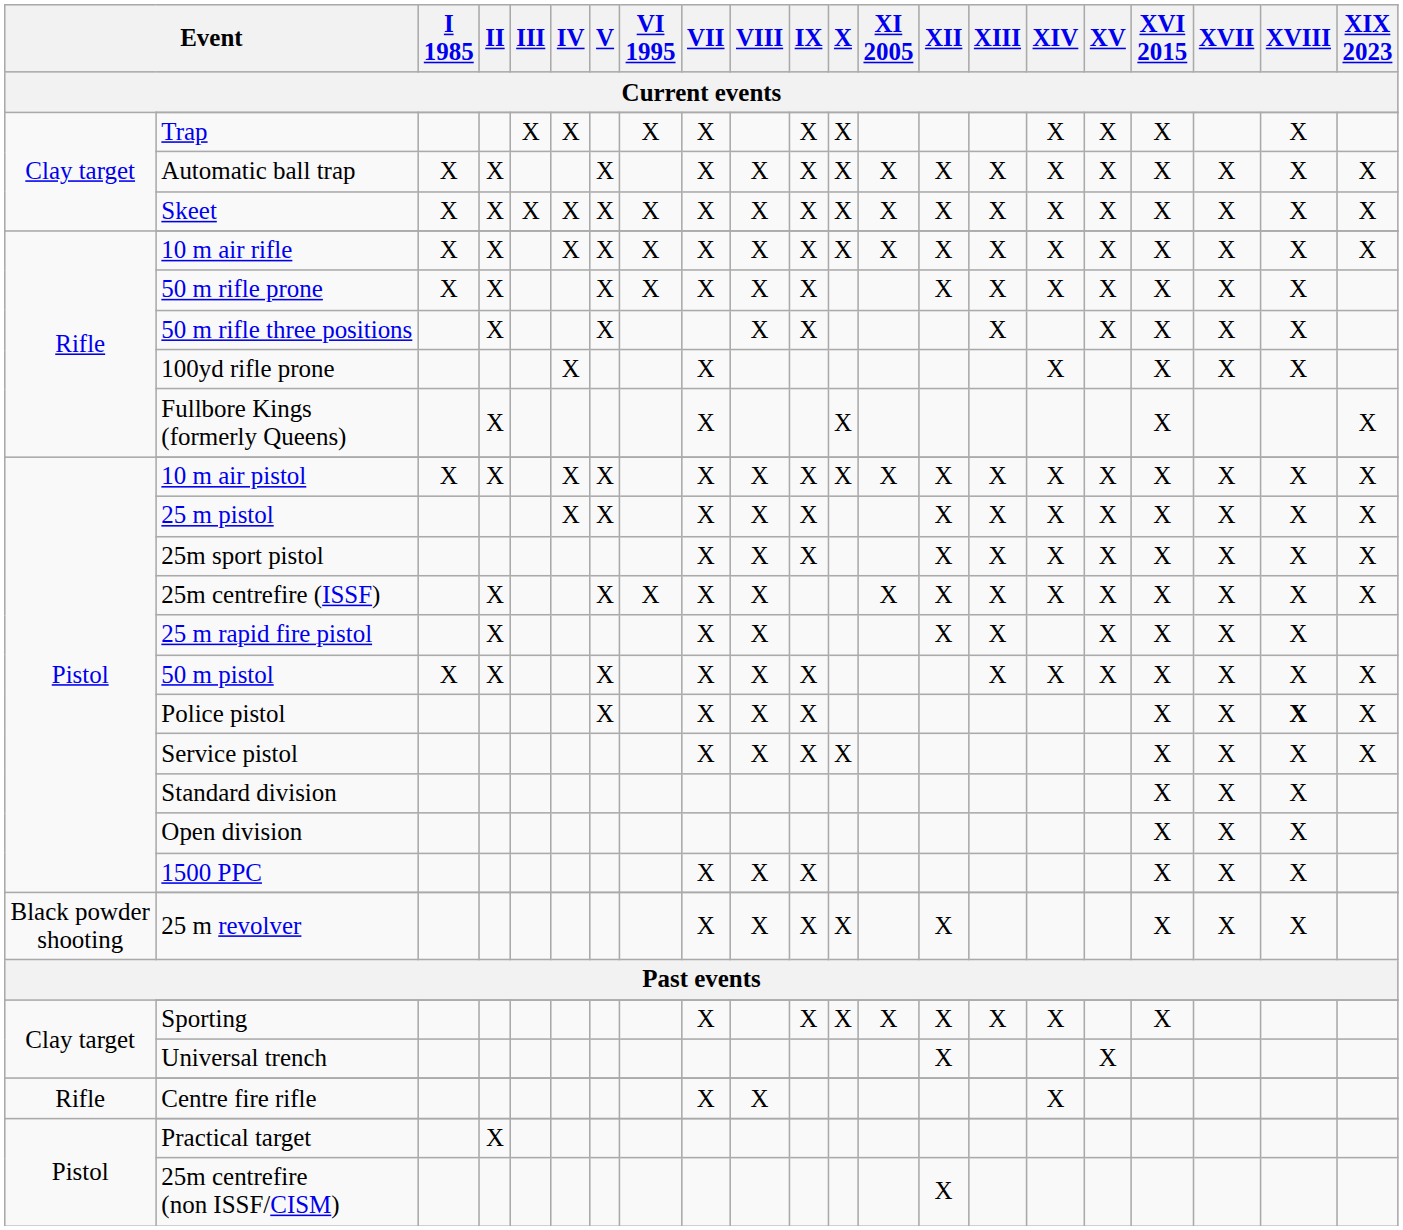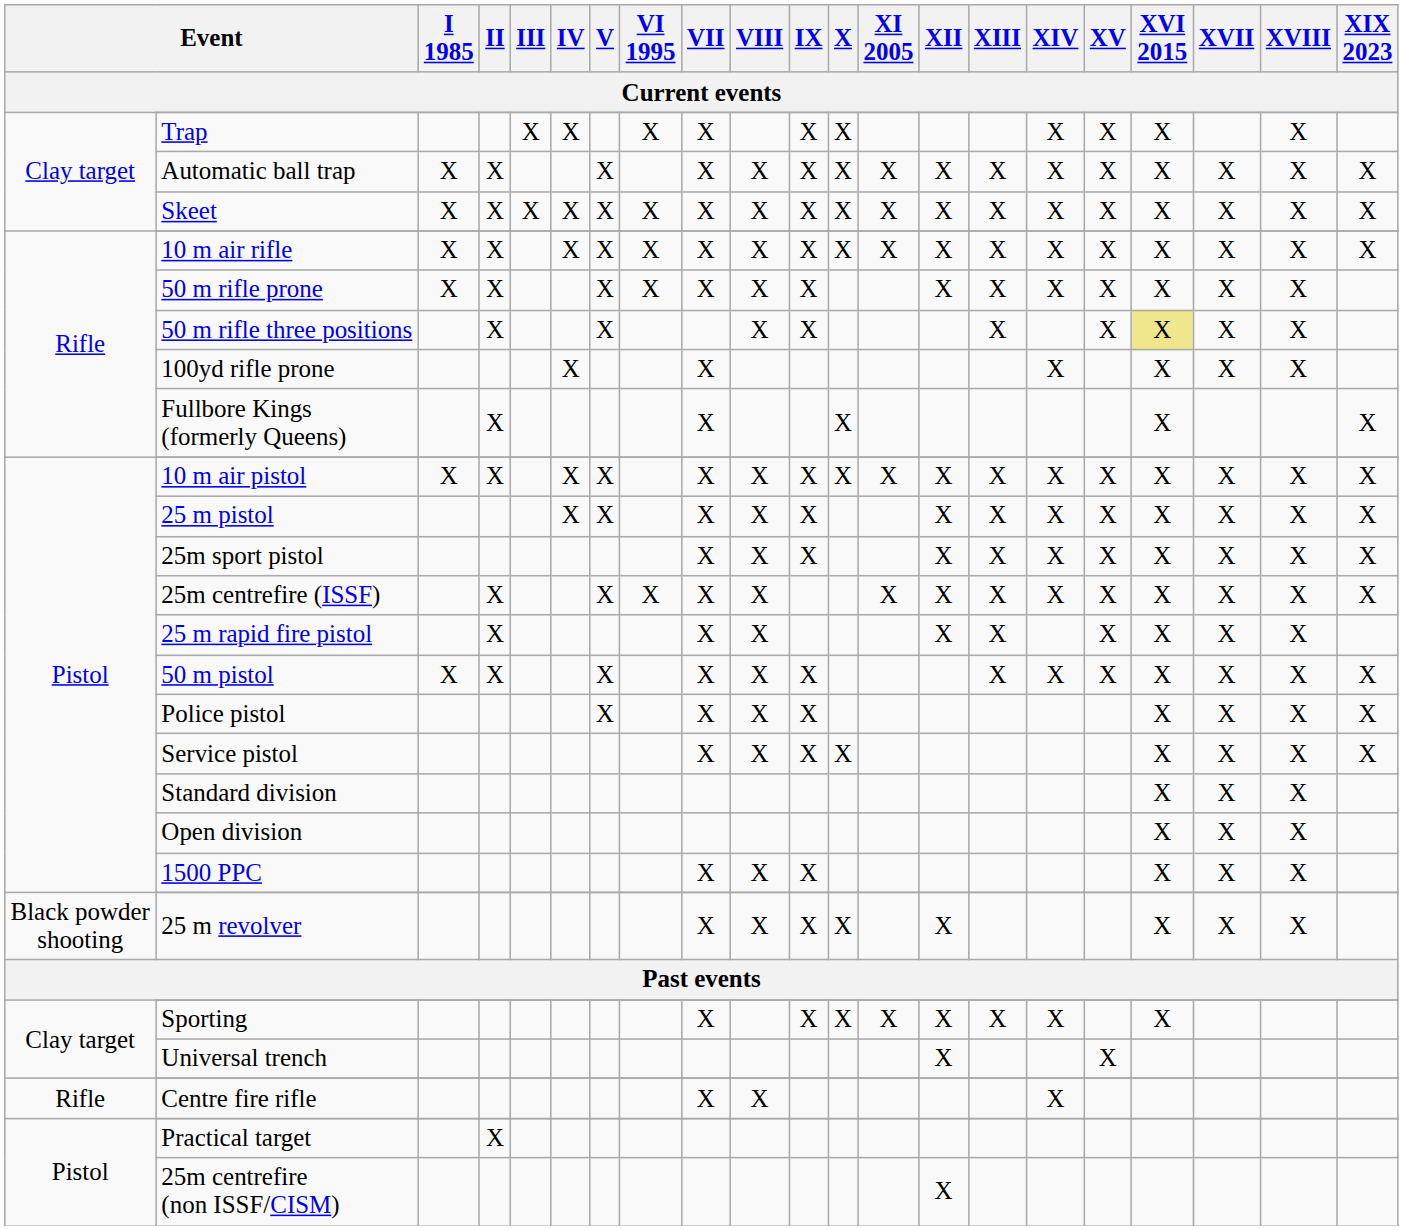 <table class="wikitable" style="text-align:center">
 <tr>
 <th colspan=2>Event</th>
 <th><a href='#'>I<br>1985</a></th>
 <th><a href='#'>II</a></th>
 <th><a href='#'>III</a></th>
 <th><a href='#'>IV</a></th>
 <th><a href='#'>V</a></th>
 <th><a href='#'>VI<br>1995</a></th>
 <th><a href='#'>VII</a></th>
 <th><a href='#'>VIII</a></th>
 <th><a href='#'>IX</a></th>
 <th><a href='#'>X</a></th>
 <th><a href='#'>XI<br>2005</a></th>
 <th><a href='#'>XII</a></th>
 <th><a href='#'>XIII</a></th>
 <th><a href='#'>XIV</a></th>
 <th><a href='#'>XV</a></th>
 <th><a href='#'>XVI<br>2015</a></th>
 <th><a href='#'>XVII</a></th>
 <th><a href='#'>XVIII</a></th>
 <th><a href='#'>XIX<br>2023</a></th>
 </tr>
 <tr>
 <th colspan=21>Current events</th>
 </tr>
 <tr>
 <td rowspan=4><a href='#'>Clay target</a></td>
 </tr>
 <tr>
 <td align=left><a href='#'>Trap</a></td>
 <td></td>
 <td></td>
 <td>X</td>
 <td>X</td>
 <td></td>
 <td>X</td>
 <td>X</td>
 <td></td>
 <td>X</td>
 <td>X</td>
 <td></td>
 <td></td>
 <td></td>
 <td>X</td>
 <td>X</td>
 <td>X</td>
 <td></td>
 <td>X</td>
 <td></td>
 </tr>
 <tr>
 <td align=left>Automatic ball trap</td>
 <td>X</td>
 <td>X</td>
 <td></td>
 <td></td>
 <td>X</td>
 <td></td>
 <td>X</td>
 <td>X</td>
 <td>X</td>
 <td>X</td>
 <td>X</td>
 <td>X</td>
 <td>X</td>
 <td>X</td>
 <td>X</td>
 <td>X</td>
 <td>X</td>
 <td>X</td>
 <td>X</td>
 </tr>
 <tr>
 <td align=left><a href='#'>Skeet</a></td>
 <td>X</td>
 <td>X</td>
 <td>X</td>
 <td>X</td>
 <td>X</td>
 <td>X</td>
 <td>X</td>
 <td>X</td>
 <td>X</td>
 <td>X</td>
 <td>X</td>
 <td>X</td>
 <td>X</td>
 <td>X</td>
 <td>X</td>
 <td>X</td>
 <td>X</td>
 <td>X</td>
 <td>X</td>
 </tr>
 <tr>
 <td rowspan=6><a href='#'>Rifle</a></td>
 </tr>
 <tr>
 <td align=left><a href='#'>10 m air rifle</a></td>
 <td>X</td>
 <td>X</td>
 <td></td>
 <td>X</td>
 <td>X</td>
 <td>X</td>
 <td>X</td>
 <td>X</td>
 <td>X</td>
 <td>X</td>
 <td>X</td>
 <td>X</td>
 <td>X</td>
 <td>X</td>
 <td>X</td>
 <td>X</td>
 <td>X</td>
 <td>X</td>
 <td>X</td>
 </tr>
 <tr>
 <td align=left><a href='#'>50 m rifle prone</a></td>
 <td>X</td>
 <td>X</td>
 <td></td>
 <td></td>
 <td>X</td>
 <td>X</td>
 <td>X</td>
 <td>X</td>
 <td>X</td>
 <td></td>
 <td></td>
 <td>X</td>
 <td>X</td>
 <td>X</td>
 <td>X</td>
 <td>X</td>
 <td>X</td>
 <td>X</td>
 <td></td>
 </tr>
 <tr>
 <td align=left><a href='#'>50 m rifle three positions</a></td>
 <td></td>
 <td>X</td>
 <td></td>
 <td></td>
 <td>X</td>
 <td></td>
 <td></td>
 <td>X</td>
 <td>X</td>
 <td></td>
 <td></td>
 <td></td>
 <td>X</td>
 <td></td>
 <td>X</td>
-<td>X</td>
+<td style="background: khaki;">X</td>
 <td>X</td>
 <td>X</td>
 <td></td>
 </tr>
 <tr>
 <td align=left>100yd rifle prone</td>
 <td></td>
 <td></td>
 <td></td>
 <td>X</td>
 <td></td>
 <td></td>
 <td>X</td>
 <td></td>
 <td></td>
 <td></td>
 <td></td>
 <td></td>
 <td></td>
 <td>X</td>
 <td></td>
 <td>X</td>
 <td>X</td>
 <td>X</td>
 <td></td>
 </tr>
 <tr>
 <td align=left>Fullbore Kings <br>(formerly Queens)</td>
 <td></td>
 <td>X</td>
 <td></td>
 <td></td>
 <td></td>
 <td></td>
 <td>X</td>
 <td></td>
 <td></td>
 <td>X</td>
 <td></td>
 <td></td>
 <td></td>
 <td></td>
 <td></td>
 <td>X</td>
 <td></td>
 <td></td>
 <td>X</td>
 </tr>
 <tr>
 <td rowspan=12><a href='#'>Pistol</a></td>
 </tr>
 <tr>
 <td align=left><a href='#'>10 m air pistol</a></td>
 <td>X</td>
 <td>X</td>
 <td></td>
 <td>X</td>
 <td>X</td>
 <td></td>
 <td>X</td>
 <td>X</td>
 <td>X</td>
 <td>X</td>
 <td>X</td>
 <td>X</td>
 <td>X</td>
 <td>X</td>
 <td>X</td>
 <td>X</td>
 <td>X</td>
 <td>X</td>
 <td>X</td>
 </tr>
 <tr>
 <td align=left><a href='#'>25 m pistol</a></td>
 <td></td>
 <td></td>
 <td></td>
 <td>X</td>
 <td>X</td>
 <td></td>
 <td>X</td>
 <td>X</td>
 <td>X</td>
 <td></td>
 <td></td>
 <td>X</td>
 <td>X</td>
 <td>X</td>
 <td>X</td>
 <td>X</td>
 <td>X</td>
 <td>X</td>
 <td>X</td>
 </tr>
 <tr>
 <td align=left>25m sport pistol</td>
 <td></td>
 <td></td>
 <td></td>
 <td></td>
 <td></td>
 <td></td>
 <td>X</td>
 <td>X</td>
 <td>X</td>
 <td></td>
 <td></td>
 <td>X</td>
 <td>X</td>
 <td>X</td>
 <td>X</td>
 <td>X</td>
 <td>X</td>
 <td>X</td>
 <td>X</td>
 </tr>
 <tr>
 <td align=left>25m centrefire (<a href='#'>ISSF</a>)</td>
 <td></td>
 <td>X</td>
 <td></td>
 <td></td>
 <td>X</td>
 <td>X</td>
 <td>X</td>
 <td>X</td>
 <td></td>
 <td></td>
 <td>X</td>
 <td>X</td>
 <td>X</td>
 <td>X</td>
 <td>X</td>
 <td>X</td>
 <td>X</td>
 <td>X</td>
 <td>X</td>
 </tr>
 <tr>
 <td align=left><a href='#'>25 m rapid fire pistol</a></td>
 <td></td>
 <td>X</td>
 <td></td>
 <td></td>
 <td></td>
 <td></td>
 <td>X</td>
 <td>X</td>
 <td></td>
 <td></td>
 <td></td>
 <td>X</td>
 <td>X</td>
 <td></td>
 <td>X</td>
 <td>X</td>
 <td>X</td>
 <td>X</td>
 <td></td>
 </tr>
 <tr>
 <td align=left><a href='#'>50 m pistol</a></td>
 <td>X</td>
 <td>X</td>
 <td></td>
 <td></td>
 <td>X</td>
 <td></td>
 <td>X</td>
 <td>X</td>
 <td>X</td>
 <td></td>
 <td></td>
 <td></td>
 <td>X</td>
 <td>X</td>
 <td>X</td>
 <td>X</td>
 <td>X</td>
 <td>X</td>
 <td>X</td>
 </tr>
 <tr>
 <td align=left>Police pistol</td>
 <td></td>
 <td></td>
 <td></td>
 <td></td>
 <td>X</td>
 <td></td>
 <td>X</td>
 <td>X</td>
 <td>X</td>
 <td></td>
 <td></td>
 <td></td>
 <td></td>
 <td></td>
 <td></td>
 <td>X</td>
 <td>X</td>
-<td><strong>X</strong></td>
+<td>X</td>
 <td>X</td>
 </tr>
 <tr>
 <td align=left>Service pistol</td>
 <td></td>
 <td></td>
 <td></td>
 <td></td>
 <td></td>
 <td></td>
 <td>X</td>
 <td>X</td>
 <td>X</td>
 <td>X</td>
 <td></td>
 <td></td>
 <td></td>
 <td></td>
 <td></td>
 <td>X</td>
 <td>X</td>
 <td>X</td>
 <td>X</td>
 </tr>
 <tr>
 <td align=left>Standard division</td>
 <td></td>
 <td></td>
 <td></td>
 <td></td>
 <td></td>
 <td></td>
 <td></td>
 <td></td>
 <td></td>
 <td></td>
 <td></td>
 <td></td>
 <td></td>
 <td></td>
 <td></td>
 <td>X</td>
 <td>X</td>
 <td>X</td>
 <td></td>
 </tr>
 <tr>
 <td align=left>Open division</td>
 <td></td>
 <td></td>
 <td></td>
 <td></td>
 <td></td>
 <td></td>
 <td></td>
 <td></td>
 <td></td>
 <td></td>
 <td></td>
 <td></td>
 <td></td>
 <td></td>
 <td></td>
 <td>X</td>
 <td>X</td>
 <td>X</td>
 <td></td>
 </tr>
 <tr>
 <td align=left><a href='#'>1500 PPC</a></td>
 <td></td>
 <td></td>
 <td></td>
 <td></td>
 <td></td>
 <td></td>
 <td>X</td>
 <td>X</td>
 <td>X</td>
 <td></td>
 <td></td>
 <td></td>
 <td></td>
 <td></td>
 <td></td>
 <td>X</td>
 <td>X</td>
 <td>X</td>
 <td></td>
 </tr>
 <tr>
 <td rowspan=2>Black powder<br> shooting</td>
 </tr>
 <tr>
 <td align=left>25 m <a href='#'>revolver</a></td>
 <td></td>
 <td></td>
 <td></td>
 <td></td>
 <td></td>
 <td></td>
 <td>X</td>
 <td>X</td>
 <td>X</td>
 <td>X</td>
 <td></td>
 <td>X</td>
 <td></td>
 <td></td>
 <td></td>
 <td>X</td>
 <td>X</td>
 <td>X</td>
 <td></td>
 </tr>
 <tr>
 <th colspan=21>Past events</th>
 </tr>
 <tr>
 <td rowspan=3>Clay target</td>
 </tr>
 <tr>
 <td align=left>Sporting</td>
 <td></td>
 <td></td>
 <td></td>
 <td></td>
 <td></td>
 <td></td>
 <td>X</td>
 <td></td>
 <td>X</td>
 <td>X</td>
 <td>X</td>
 <td>X</td>
 <td>X</td>
 <td>X</td>
 <td></td>
 <td>X</td>
 <td></td>
 <td></td>
 <td></td>
 </tr>
 <tr>
 <td align=left>Universal trench</td>
 <td></td>
 <td></td>
 <td></td>
 <td></td>
 <td></td>
 <td></td>
 <td></td>
 <td></td>
 <td></td>
 <td></td>
 <td></td>
 <td>X</td>
 <td></td>
 <td></td>
 <td>X</td>
 <td></td>
 <td></td>
 <td></td>
 <td></td>
 </tr>
 <tr>
 <td rowspan=2>Rifle</td>
 </tr>
 <tr>
 <td align=left>Centre fire rifle</td>
 <td></td>
 <td></td>
 <td></td>
 <td></td>
 <td></td>
 <td></td>
 <td>X</td>
 <td>X</td>
 <td></td>
 <td></td>
 <td></td>
 <td></td>
 <td></td>
 <td>X</td>
 <td></td>
 <td></td>
 <td></td>
 <td></td>
 <td></td>
 </tr>
 <tr>
 <td rowspan=3>Pistol</td>
 </tr>
 <tr>
 <td align=left>Practical target</td>
 <td></td>
 <td>X</td>
 <td></td>
 <td></td>
 <td></td>
 <td></td>
 <td></td>
 <td></td>
 <td></td>
 <td></td>
 <td></td>
 <td></td>
 <td></td>
 <td></td>
 <td></td>
 <td></td>
 <td></td>
 <td></td>
 <td></td>
 </tr>
 <tr>
 <td align=left>25m centrefire <br>(non ISSF/<a href='#'>CISM</a>)</td>
 <td></td>
 <td></td>
 <td></td>
 <td></td>
 <td></td>
 <td></td>
 <td></td>
 <td></td>
 <td></td>
 <td></td>
 <td></td>
 <td>X</td>
 <td></td>
 <td></td>
 <td></td>
 <td></td>
 <td></td>
 <td></td>
 <td></td>
 </tr>
 </table>
